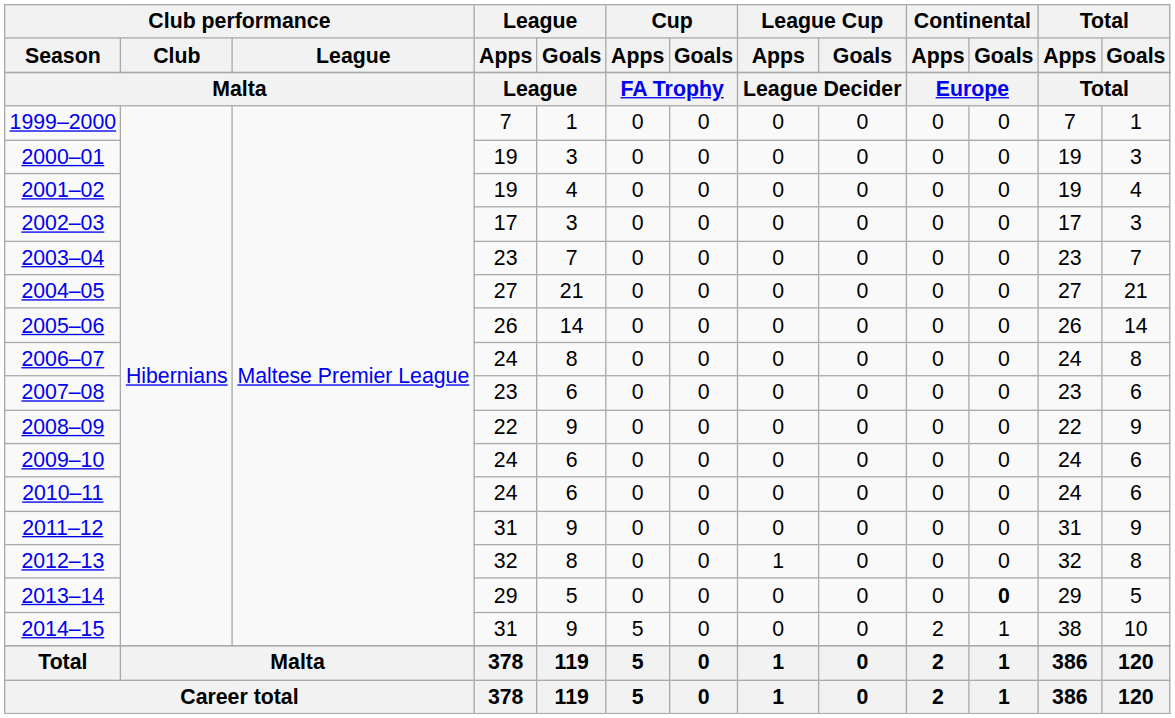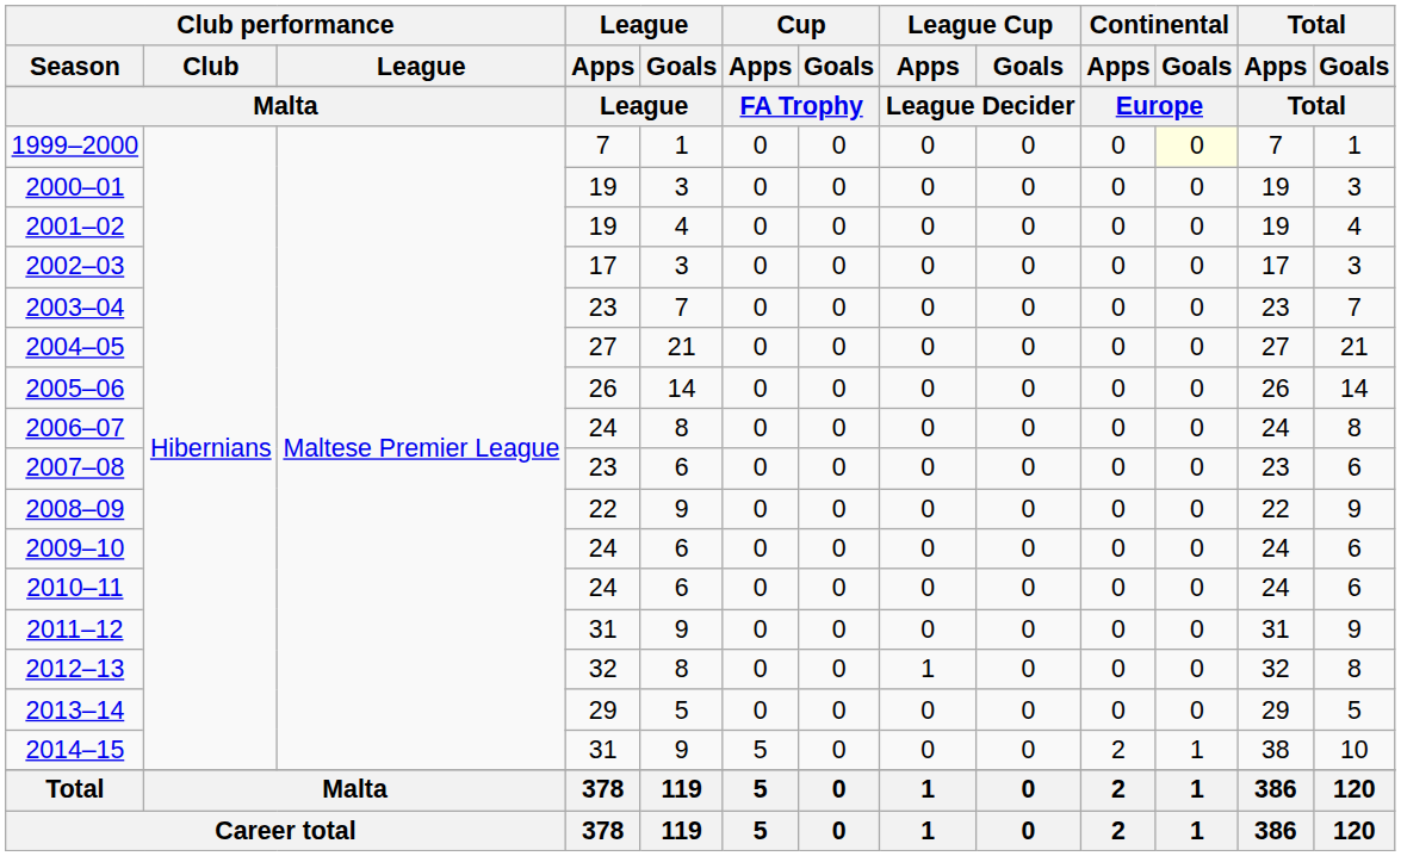 <table class="wikitable" style="text-align:center">
 <tr>
 <th colspan=3>Club performance</th>
 <th colspan=2>League</th>
 <th colspan=2>Cup</th>
 <th colspan=2>League Cup</th>
 <th colspan=2>Continental</th>
 <th colspan=2>Total</th>
 </tr>
 <tr>
 <th>Season</th>
 <th>Club</th>
 <th>League</th>
 <th>Apps</th>
 <th>Goals</th>
 <th>Apps</th>
 <th>Goals</th>
 <th>Apps</th>
 <th>Goals</th>
 <th>Apps</th>
 <th>Goals</th>
 <th>Apps</th>
 <th>Goals</th>
 </tr>
 <tr>
 </tr>
 <tr>
 <th colspan=3>Malta</th>
 <th colspan=2>League</th>
 <th colspan=2><a href='#'>FA Trophy</a></th>
 <th colspan=2>League Decider</th>
 <th colspan=2><a href='#'>Europe</a></th>
 <th colspan=2>Total</th>
 </tr>
 <tr>
 <td><a href='#'>1999–2000</a></td>
 <td rowspan="16"><a href='#'>Hibernians</a></td>
 <td rowspan="16"><a href='#'>Maltese Premier League</a></td>
 <td>7</td>
 <td>1</td>
 <td>0</td>
 <td>0</td>
 <td>0</td>
 <td>0</td>
 <td>0</td>
-<td>0</td>
+<td style="background: lightyellow;">0</td>
 <td>7</td>
 <td>1</td>
 </tr>
 <tr>
 <td><a href='#'>2000–01</a></td>
 <td>19</td>
 <td>3</td>
 <td>0</td>
 <td>0</td>
 <td>0</td>
 <td>0</td>
 <td>0</td>
 <td>0</td>
 <td>19</td>
 <td>3</td>
 </tr>
 <tr>
 <td><a href='#'>2001–02</a></td>
 <td>19</td>
 <td>4</td>
 <td>0</td>
 <td>0</td>
 <td>0</td>
 <td>0</td>
 <td>0</td>
 <td>0</td>
 <td>19</td>
 <td>4</td>
 </tr>
 <tr>
 <td><a href='#'>2002–03</a></td>
 <td>17</td>
 <td>3</td>
 <td>0</td>
 <td>0</td>
 <td>0</td>
 <td>0</td>
 <td>0</td>
 <td>0</td>
 <td>17</td>
 <td>3</td>
 </tr>
 <tr>
 <td><a href='#'>2003–04</a></td>
 <td>23</td>
 <td>7</td>
 <td>0</td>
 <td>0</td>
 <td>0</td>
 <td>0</td>
 <td>0</td>
 <td>0</td>
 <td>23</td>
 <td>7</td>
 </tr>
 <tr>
 <td><a href='#'>2004–05</a></td>
 <td>27</td>
 <td>21</td>
 <td>0</td>
 <td>0</td>
 <td>0</td>
 <td>0</td>
 <td>0</td>
 <td>0</td>
 <td>27</td>
 <td>21</td>
 </tr>
 <tr>
 <td><a href='#'>2005–06</a></td>
 <td>26</td>
 <td>14</td>
 <td>0</td>
 <td>0</td>
 <td>0</td>
 <td>0</td>
 <td>0</td>
 <td>0</td>
 <td>26</td>
 <td>14</td>
 </tr>
 <tr>
 <td><a href='#'>2006–07</a></td>
 <td>24</td>
 <td>8</td>
 <td>0</td>
 <td>0</td>
 <td>0</td>
 <td>0</td>
 <td>0</td>
 <td>0</td>
 <td>24</td>
 <td>8</td>
 </tr>
 <tr>
 <td><a href='#'>2007–08</a></td>
 <td>23</td>
 <td>6</td>
 <td>0</td>
 <td>0</td>
 <td>0</td>
 <td>0</td>
 <td>0</td>
 <td>0</td>
 <td>23</td>
 <td>6</td>
 </tr>
 <tr>
 <td><a href='#'>2008–09</a></td>
 <td>22</td>
 <td>9</td>
 <td>0</td>
 <td>0</td>
 <td>0</td>
 <td>0</td>
 <td>0</td>
 <td>0</td>
 <td>22</td>
 <td>9</td>
 </tr>
 <tr>
 <td><a href='#'>2009–10</a></td>
 <td>24</td>
 <td>6</td>
 <td>0</td>
 <td>0</td>
 <td>0</td>
 <td>0</td>
 <td>0</td>
 <td>0</td>
 <td>24</td>
 <td>6</td>
 </tr>
 <tr>
 <td><a href='#'>2010–11</a></td>
 <td>24</td>
 <td>6</td>
 <td>0</td>
 <td>0</td>
 <td>0</td>
 <td>0</td>
 <td>0</td>
 <td>0</td>
 <td>24</td>
 <td>6</td>
 </tr>
 <tr>
 <td><a href='#'>2011–12</a></td>
 <td>31</td>
 <td>9</td>
 <td>0</td>
 <td>0</td>
 <td>0</td>
 <td>0</td>
 <td>0</td>
 <td>0</td>
 <td>31</td>
 <td>9</td>
 </tr>
 <tr>
 <td><a href='#'>2012–13</a></td>
 <td>32</td>
 <td>8</td>
 <td>0</td>
 <td>0</td>
 <td>1</td>
 <td>0</td>
 <td>0</td>
 <td>0</td>
 <td>32</td>
 <td>8</td>
 </tr>
 <tr>
 <td><a href='#'>2013–14</a></td>
 <td>29</td>
 <td>5</td>
 <td>0</td>
 <td>0</td>
 <td>0</td>
 <td>0</td>
 <td>0</td>
-<td><strong>0</strong></td>
+<td>0</td>
 <td>29</td>
 <td>5</td>
 </tr>
 <tr>
 <td><a href='#'>2014–15</a></td>
 <td>31</td>
 <td>9</td>
 <td>5</td>
 <td>0</td>
 <td>0</td>
 <td>0</td>
 <td>2</td>
 <td>1</td>
 <td>38</td>
 <td>10</td>
 </tr>
 <tr>
 </tr>
 <tr>
 <th rowspan=1>Total</th>
 <th colspan=2>Malta</th>
 <th>378</th>
 <th>119</th>
 <th>5</th>
 <th>0</th>
 <th>1</th>
 <th>0</th>
 <th>2</th>
 <th>1</th>
 <th>386</th>
 <th>120</th>
 </tr>
 <tr>
 <th colspan=3>Career total</th>
 <th>378</th>
 <th>119</th>
 <th>5</th>
 <th>0</th>
 <th>1</th>
 <th>0</th>
 <th>2</th>
 <th>1</th>
 <th>386</th>
 <th>120</th>
 </tr>
 </table>
